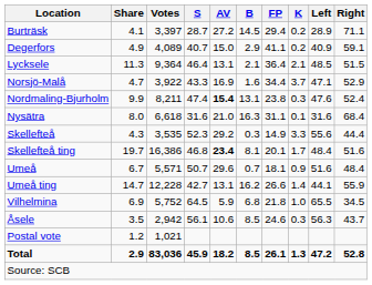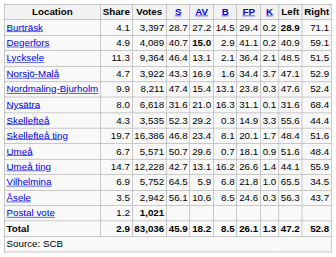 <table class="wikitable sortable" style=text-align:right>
 <tr>
 <th>Location</th>
 <th>Share</th>
 <th>Votes</th>
 <th><a href='#'>S</a></th>
 <th><a href='#'>AV</a></th>
 <th><a href='#'>B</a></th>
 <th><a href='#'>FP</a></th>
 <th><a href='#'>K</a></th>
 <th>Left</th>
 <th>Right</th>
 </tr>
 <tr>
 <td align=left><a href='#'>Burträsk</a></td>
 <td>4.1</td>
 <td>3,397</td>
 <td>28.7</td>
 <td>27.2</td>
 <td>14.5</td>
 <td>29.4</td>
 <td>0.2</td>
-<td>28.9</td>
+<td><strong>28.9</strong></td>
 <td>71.1</td>
 </tr>
 <tr>
 <td align=left><a href='#'>Degerfors</a></td>
 <td>4.9</td>
 <td>4,089</td>
 <td>40.7</td>
-<td>15.0</td>
+<td><strong>15.0</strong></td>
 <td>2.9</td>
 <td>41.1</td>
 <td>0.2</td>
 <td>40.9</td>
 <td>59.1</td>
 </tr>
 <tr>
 <td align=left><a href='#'>Lycksele</a></td>
 <td>11.3</td>
 <td>9,364</td>
 <td>46.4</td>
 <td>13.1</td>
 <td>2.1</td>
 <td>36.4</td>
 <td>2.1</td>
 <td>48.5</td>
 <td>51.5</td>
 </tr>
 <tr>
 <td align=left><a href='#'>Norsjö-Malå</a></td>
 <td>4.7</td>
 <td>3,922</td>
 <td>43.3</td>
 <td>16.9</td>
 <td>1.6</td>
 <td>34.4</td>
 <td>3.7</td>
 <td>47.1</td>
 <td>52.9</td>
 </tr>
 <tr>
 <td align=left><a href='#'>Nordmaling-Bjurholm</a></td>
 <td>9.9</td>
 <td>8,211</td>
 <td>47.4</td>
-<td><strong>15.4</strong></td>
+<td>15.4</td>
 <td>13.1</td>
 <td>23.8</td>
 <td>0.3</td>
 <td>47.6</td>
 <td>52.4</td>
 </tr>
 <tr>
 <td align=left><a href='#'>Nysätra</a></td>
 <td>8.0</td>
 <td>6,618</td>
 <td>31.6</td>
 <td>21.0</td>
 <td>16.3</td>
 <td>31.1</td>
 <td>0.1</td>
 <td>31.6</td>
 <td>68.4</td>
 </tr>
 <tr>
 <td align=left><a href='#'>Skellefteå</a></td>
 <td>4.3</td>
 <td>3,535</td>
 <td>52.3</td>
 <td>29.2</td>
 <td>0.3</td>
 <td>14.9</td>
 <td>3.3</td>
 <td>55.6</td>
 <td>44.4</td>
 </tr>
 <tr>
 <td align=left><a href='#'>Skellefteå ting</a></td>
 <td>19.7</td>
 <td>16,386</td>
 <td>46.8</td>
-<td><strong>23.4</strong></td>
+<td>23.4</td>
 <td>8.1</td>
 <td>20.1</td>
 <td>1.7</td>
 <td>48.4</td>
 <td>51.6</td>
 </tr>
 <tr>
 <td align=left><a href='#'>Umeå</a></td>
 <td>6.7</td>
 <td>5,571</td>
 <td>50.7</td>
 <td>29.6</td>
 <td>0.7</td>
 <td>18.1</td>
 <td>0.9</td>
 <td>51.6</td>
 <td>48.4</td>
 </tr>
 <tr>
 <td align=left><a href='#'>Umeå ting</a></td>
 <td>14.7</td>
 <td>12,228</td>
 <td>42.7</td>
 <td>13.1</td>
 <td>16.2</td>
 <td>26.6</td>
 <td>1.4</td>
 <td>44.1</td>
 <td>55.9</td>
 </tr>
 <tr>
 <td align=left><a href='#'>Vilhelmina</a></td>
 <td>6.9</td>
 <td>5,752</td>
 <td>64.5</td>
 <td>5.9</td>
 <td>6.8</td>
 <td>21.8</td>
 <td>1.0</td>
 <td>65.5</td>
 <td>34.5</td>
 </tr>
 <tr>
 <td align=left><a href='#'>Åsele</a></td>
 <td>3.5</td>
 <td>2,942</td>
 <td>56.1</td>
 <td>10.6</td>
 <td>8.5</td>
 <td>24.6</td>
 <td>0.3</td>
 <td>56.3</td>
 <td>43.7</td>
 </tr>
 <tr>
 <td align=left><a href='#'>Postal vote</a></td>
 <td>1.2</td>
-<td>1,021</td>
+<td><strong>1,021</strong></td>
 <td></td>
 <td></td>
 <td></td>
 <td></td>
 <td></td>
 <td></td>
 <td></td>
 </tr>
 <tr>
 <td align=left><strong>Total</strong></td>
 <td><strong>2.9</strong></td>
 <td><strong>83,036</strong></td>
 <td><strong>45.9</strong></td>
 <td><strong>18.2</strong></td>
 <td><strong>8.5</strong></td>
 <td><strong>26.1</strong></td>
 <td><strong>1.3</strong></td>
 <td><strong>47.2</strong></td>
 <td><strong>52.8</strong></td>
 </tr>
 <tr>
 <td align=left colspan=10>Source: SCB </td>
 </tr>
 </table>
